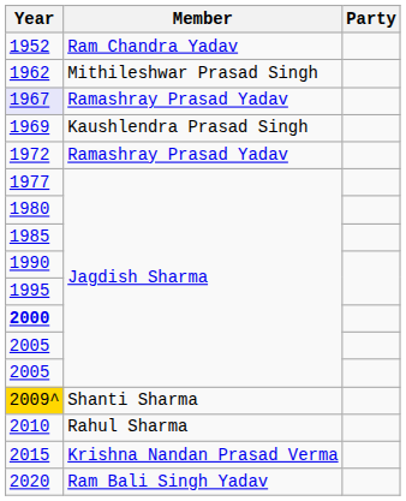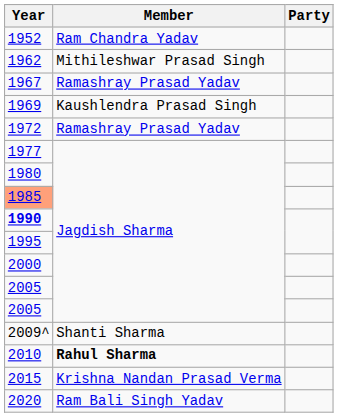 <table class="wikitable sortable">
 <tr>
 <th>Year</th>
 <th>Member</th>
 <th colspan="2">Party</th>
 </tr>
 <tr>
 <td><a href='#'>1952</a></td>
 <td><a href='#'>Ram Chandra Yadav</a></td>
 <td></td>
 </tr>
 <tr>
 <td><a href='#'>1962</a></td>
 <td>Mithileshwar Prasad Singh</td>
 <td></td>
 </tr>
 <tr>
-<td style="background: lavender;"><a href='#'>1967</a></td>
+<td><a href='#'>1967</a></td>
 <td><a href='#'>Ramashray Prasad Yadav</a></td>
 <td></td>
 </tr>
 <tr>
 <td><a href='#'>1969</a></td>
 <td>Kaushlendra Prasad Singh</td>
 <td></td>
 </tr>
 <tr>
 <td><a href='#'>1972</a></td>
 <td><a href='#'>Ramashray Prasad Yadav</a></td>
 <td></td>
 </tr>
 <tr>
 <td><a href='#'>1977</a></td>
 <td rowspan="8"><a href='#'>Jagdish Sharma</a></td>
 <td></td>
 </tr>
 <tr>
 <td><a href='#'>1980</a></td>
 <td></td>
 </tr>
 <tr>
-<td><a href='#'>1985</a></td>
+<td style="background: lightsalmon;"><a href='#'>1985</a></td>
 <td></td>
 </tr>
 <tr>
-<td><a href='#'>1990</a></td>
+<td><strong><a href='#'>1990</a></strong></td>
 </tr>
 <tr>
 <td><a href='#'>1995</a></td>
 </tr>
 <tr>
-<td><strong><a href='#'>2000</a></strong></td>
+<td><a href='#'>2000</a></td>
 <td></td>
 </tr>
 <tr>
 <td><a href='#'>2005</a></td>
 </tr>
 <tr>
 <td><a href='#'>2005</a></td>
 <td></td>
 </tr>
 <tr>
-<td style="background: gold;">2009^</td>
+<td>2009^</td>
 <td>Shanti Sharma</td>
 <td></td>
 </tr>
 <tr>
 <td><a href='#'>2010</a></td>
-<td>Rahul Sharma</td>
+<td><strong>Rahul Sharma</strong></td>
 <td></td>
 </tr>
 <tr>
 <td><a href='#'>2015</a></td>
 <td><a href='#'>Krishna Nandan Prasad Verma</a></td>
 </tr>
 <tr>
 <td><a href='#'>2020</a></td>
 <td><a href='#'>Ram Bali Singh Yadav</a></td>
 <td></td>
 </tr>
 </table>
